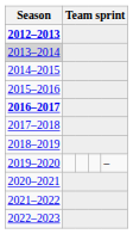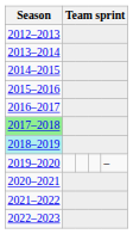 <table class="wikitable" style="display: inline-table;">
 <tr>
 <th>Season</th>
 <th colspan="4">Team sprint</th>
 </tr>
 <tr>
-<td><strong><a href='#'>2012–2013</a></strong></td>
+<td><a href='#'>2012–2013</a></td>
 <td colspan="4" bgcolor=#EEEEEE></td>
 </tr>
 <tr>
-<td style="background: lightgrey;"><a href='#'>2013–2014</a></td>
+<td><a href='#'>2013–2014</a></td>
 <td colspan="4" bgcolor=#EEEEEE></td>
 </tr>
 <tr>
 <td><a href='#'>2014–2015</a></td>
 <td colspan="4" bgcolor=#EEEEEE></td>
 </tr>
 <tr>
 <td><a href='#'>2015–2016</a></td>
 <td colspan="4" bgcolor=#EEEEEE></td>
 </tr>
 <tr>
-<td><strong><a href='#'>2016–2017</a></strong></td>
+<td><a href='#'>2016–2017</a></td>
 <td colspan="4" bgcolor=#EEEEEE></td>
 </tr>
 <tr>
-<td><a href='#'>2017–2018</a></td>
+<td style="background: lightgreen;"><a href='#'>2017–2018</a></td>
 <td colspan="4" bgcolor=#EEEEEE></td>
 </tr>
 <tr>
-<td><a href='#'>2018–2019</a></td>
+<td style="background: paleturquoise;"><a href='#'>2018–2019</a></td>
 <td colspan="4" bgcolor=#EEEEEE></td>
 </tr>
 <tr>
 <td><a href='#'>2019–2020</a></td>
 <td></td>
 <td></td>
 <td></td>
 <td>–</td>
 </tr>
 <tr>
 <td><a href='#'>2020–2021</a></td>
 <td colspan="4" bgcolor=#EEEEEE></td>
 </tr>
 <tr>
 <td><a href='#'>2021–2022</a></td>
 <td colspan="4" bgcolor=#EEEEEE></td>
 </tr>
 <tr>
 <td><a href='#'>2022–2023</a></td>
 <td colspan="4" bgcolor=#EEEEEE></td>
 </tr>
 </table>
